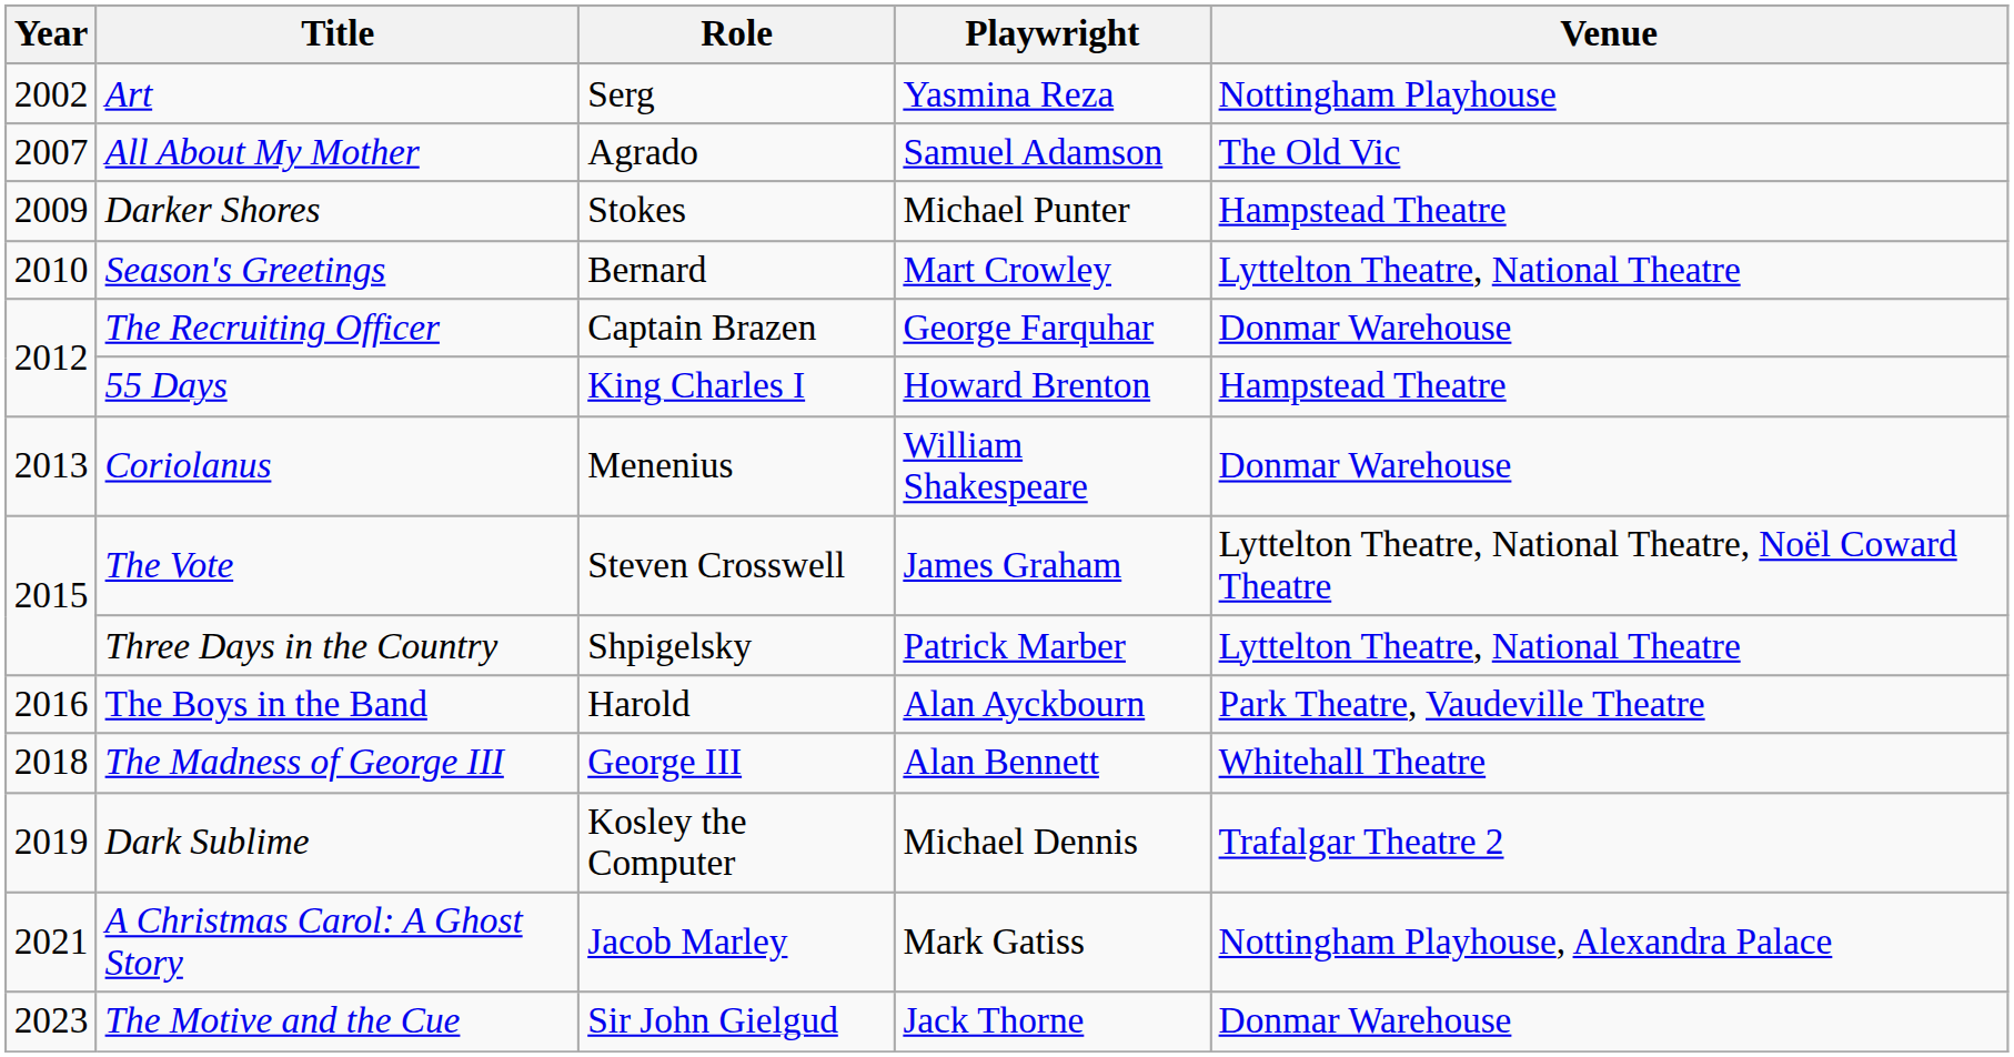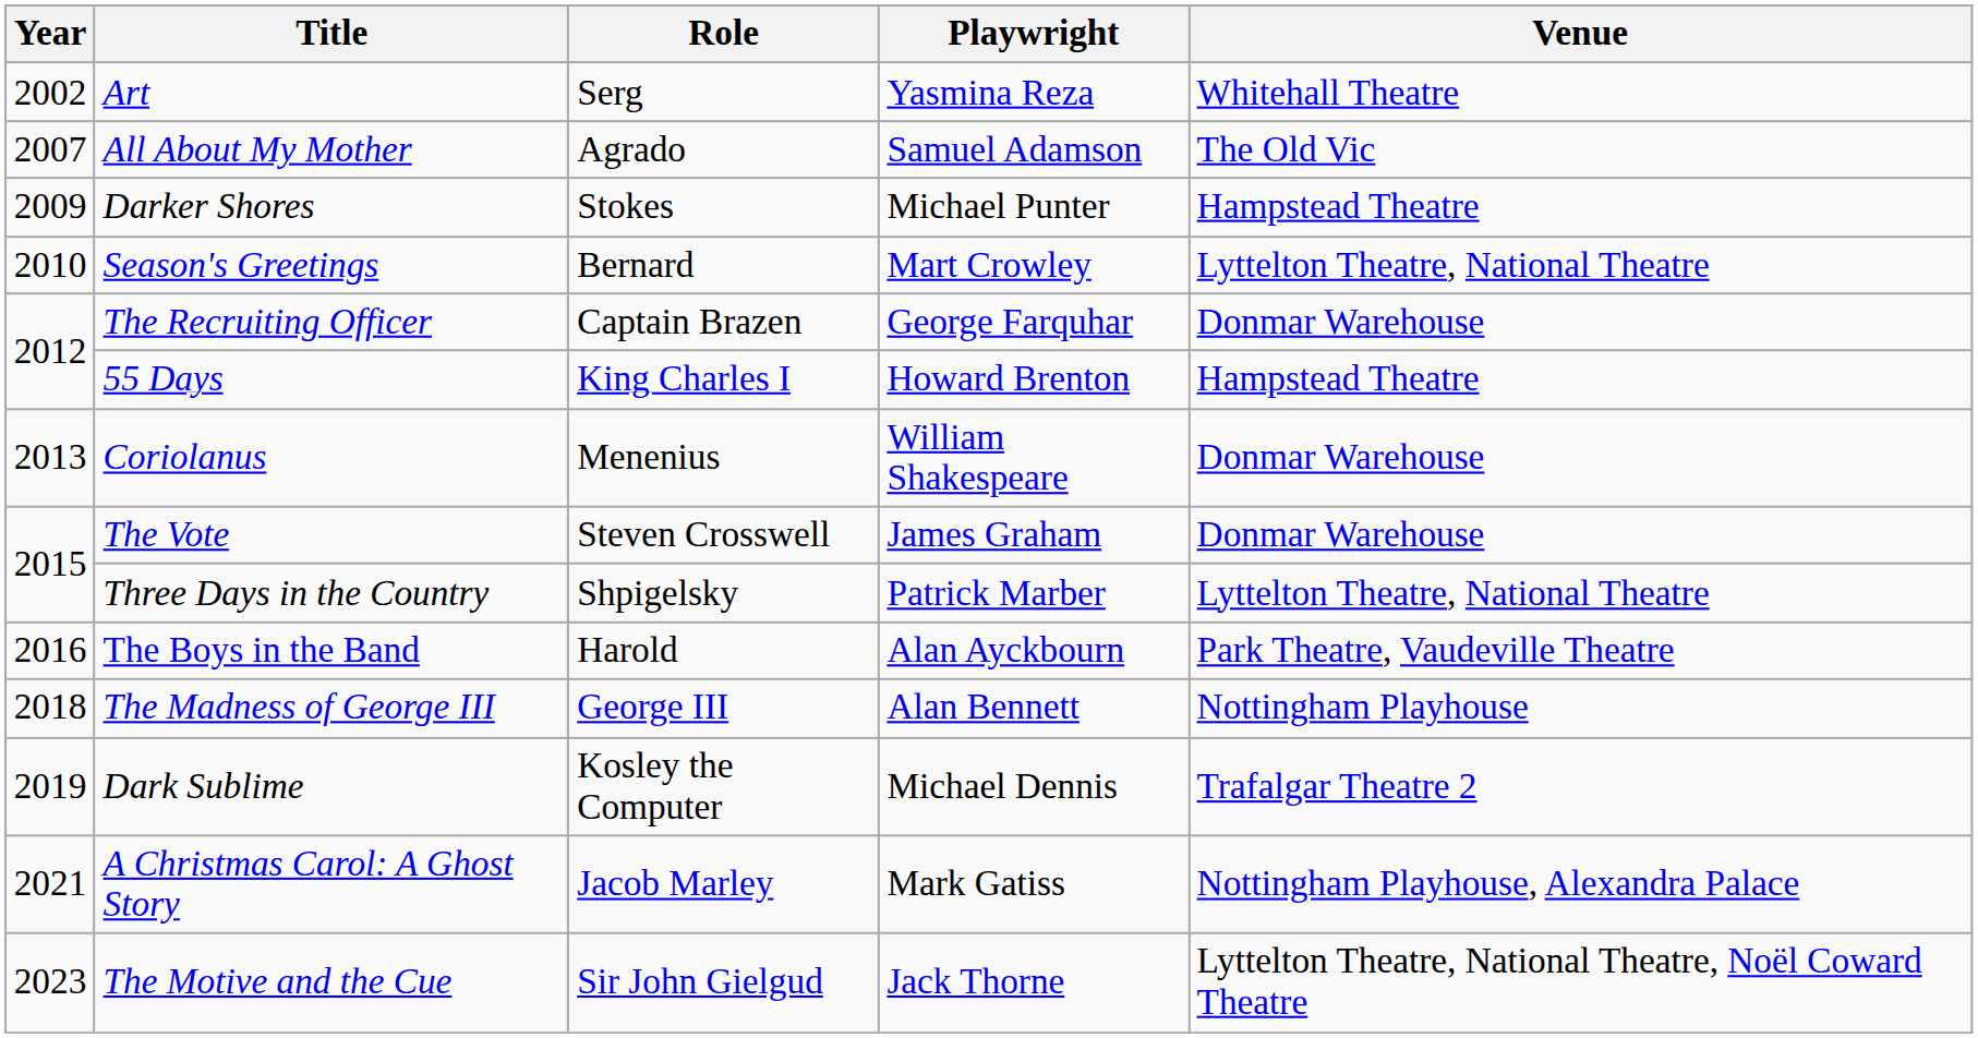 <table class="wikitable">
 <tr>
 <th>Year</th>
 <th>Title</th>
 <th>Role</th>
 <th>Playwright</th>
 <th>Venue</th>
 </tr>
 <tr>
 <td>2002</td>
 <td><a href='#'><em>Art</em></a></td>
 <td>Serg</td>
 <td><a href='#'>Yasmina Reza</a></td>
-<td><a href='#'>Nottingham Playhouse</a></td>
+<td><a href='#'>Whitehall Theatre</a></td>
 </tr>
 <tr>
 <td>2007</td>
 <td><em><a href='#'>All About My Mother</a></em></td>
 <td>Agrado</td>
 <td><a href='#'>Samuel Adamson</a></td>
 <td><a href='#'>The Old Vic</a></td>
 </tr>
 <tr>
 <td>2009</td>
 <td><em>Darker Shores</em></td>
 <td>Stokes</td>
 <td>Michael Punter</td>
 <td><a href='#'>Hampstead Theatre</a></td>
 </tr>
 <tr>
 <td>2010</td>
 <td><a href='#'><em>Season's Greetings</em></a></td>
 <td>Bernard</td>
 <td><a href='#'>Mart Crowley</a></td>
 <td><a href='#'>Lyttelton Theatre</a>, <a href='#'>National Theatre</a></td>
 </tr>
 <tr>
 <td rowspan="2">2012</td>
 <td><em><a href='#'>The Recruiting Officer</a></em></td>
 <td>Captain Brazen</td>
 <td><a href='#'>George Farquhar</a></td>
 <td><a href='#'>Donmar Warehouse</a></td>
 </tr>
 <tr>
 <td><em><a href='#'>55 Days</a></em></td>
 <td><a href='#'>King Charles I</a></td>
 <td><a href='#'>Howard Brenton</a></td>
 <td><a href='#'>Hampstead Theatre</a></td>
 </tr>
 <tr>
 <td>2013</td>
 <td><em><a href='#'>Coriolanus</a></em></td>
 <td>Menenius</td>
 <td><a href='#'>William Shakespeare</a></td>
 <td><a href='#'>Donmar Warehouse</a></td>
 </tr>
 <tr>
 <td rowspan="2">2015</td>
 <td><em><a href='#'>The Vote</a></em></td>
 <td>Steven Crosswell</td>
 <td><a href='#'>James Graham</a></td>
-<td>Lyttelton Theatre, National Theatre, <a href='#'>Noël Coward Theatre</a></td>
+<td><a href='#'>Donmar Warehouse</a></td>
 </tr>
 <tr>
 <td><em>Three Days in the Country</em></td>
 <td>Shpigelsky</td>
 <td><a href='#'>Patrick Marber</a></td>
 <td><a href='#'>Lyttelton Theatre</a>, <a href='#'>National Theatre</a></td>
 </tr>
 <tr>
 <td>2016</td>
 <td><em><a href='#'></em>The Boys in the Band<em></a></em></td>
 <td>Harold</td>
 <td><a href='#'>Alan Ayckbourn</a></td>
 <td><a href='#'>Park Theatre</a>, <a href='#'>Vaudeville Theatre</a></td>
 </tr>
 <tr>
 <td>2018</td>
 <td><em><a href='#'>The Madness of George III</a></em></td>
 <td><a href='#'>George III</a></td>
 <td><a href='#'>Alan Bennett</a></td>
-<td><a href='#'>Whitehall Theatre</a></td>
+<td><a href='#'>Nottingham Playhouse</a></td>
 </tr>
 <tr>
 <td>2019</td>
 <td><em>Dark Sublime</em></td>
 <td>Kosley the Computer</td>
 <td>Michael Dennis</td>
 <td><a href='#'>Trafalgar Theatre 2</a></td>
 </tr>
 <tr>
 <td>2021</td>
 <td><em><a href='#'>A Christmas Carol: A Ghost Story</a></em></td>
 <td><a href='#'>Jacob Marley</a></td>
 <td>Mark Gatiss</td>
 <td><a href='#'>Nottingham Playhouse</a>, <a href='#'>Alexandra Palace</a></td>
 </tr>
 <tr>
 <td>2023</td>
 <td><em><a href='#'>The Motive and the Cue</a></em></td>
 <td><a href='#'>Sir John Gielgud</a></td>
 <td><a href='#'>Jack Thorne</a></td>
-<td><a href='#'>Donmar Warehouse</a></td>
+<td>Lyttelton Theatre, National Theatre, <a href='#'>Noël Coward Theatre</a></td>
 </tr>
 </table>
